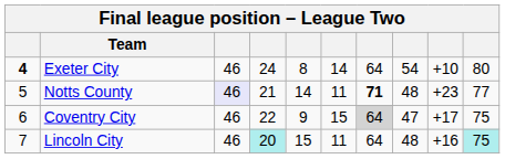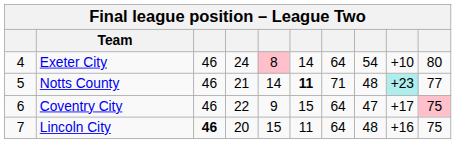 <table class="wikitable" style="text-align:center">
 <tr>
 <th colspan=10><big>Final league position – League Two</big></th>
 </tr>
 <tr>
 <th width="30"></th>
 <th width="175">Team</th>
 <th width="30"></th>
 <th width="30"></th>
 <th width="30"></th>
 <th width="30"></th>
 <th width="30"></th>
 <th width="30"></th>
 <th width="30"></th>
 <th width="30"></th>
 </tr>
 <tr>
-<td><strong>4</strong></td>
+<td>4</td>
 <td align=left><a href='#'>Exeter City</a></td>
 <td>46</td>
 <td>24</td>
-<td>8</td>
+<td style="background: pink;">8</td>
 <td>14</td>
 <td>64</td>
 <td>54</td>
 <td>+10</td>
 <td>80</td>
 </tr>
 <tr>
 <td>5</td>
 <td align=left><a href='#'>Notts County</a></td>
-<td style="background: lavender;">46</td>
+<td>46</td>
 <td>21</td>
 <td>14</td>
-<td>11</td>
-<td><strong>71</strong></td>
+<td><strong>11</strong></td>
+<td>71</td>
 <td>48</td>
-<td>+23</td>
+<td style="background: paleturquoise;">+23</td>
 <td>77</td>
 </tr>
 <tr>
 <td>6</td>
 <td align=left><a href='#'>Coventry City</a></td>
 <td>46</td>
 <td>22</td>
 <td>9</td>
 <td>15</td>
-<td style="background: lightgrey;">64</td>
+<td>64</td>
 <td>47</td>
 <td>+17</td>
-<td>75</td>
+<td style="background: pink;">75</td>
 </tr>
 <tr>
 <td>7</td>
 <td align=left><a href='#'>Lincoln City</a></td>
-<td>46</td>
-<td style="background: paleturquoise;">20</td>
+<td><strong>46</strong></td>
+<td>20</td>
 <td>15</td>
 <td>11</td>
 <td>64</td>
 <td>48</td>
 <td>+16</td>
-<td style="background: paleturquoise;">75</td>
+<td>75</td>
 </tr>
 </table>
